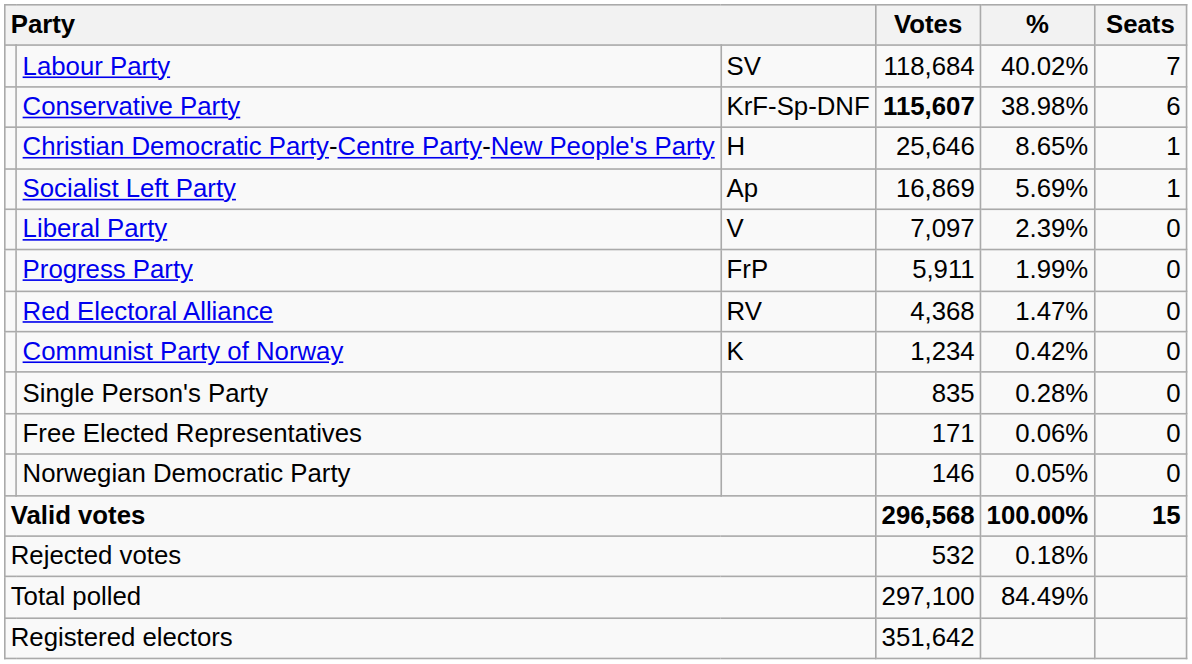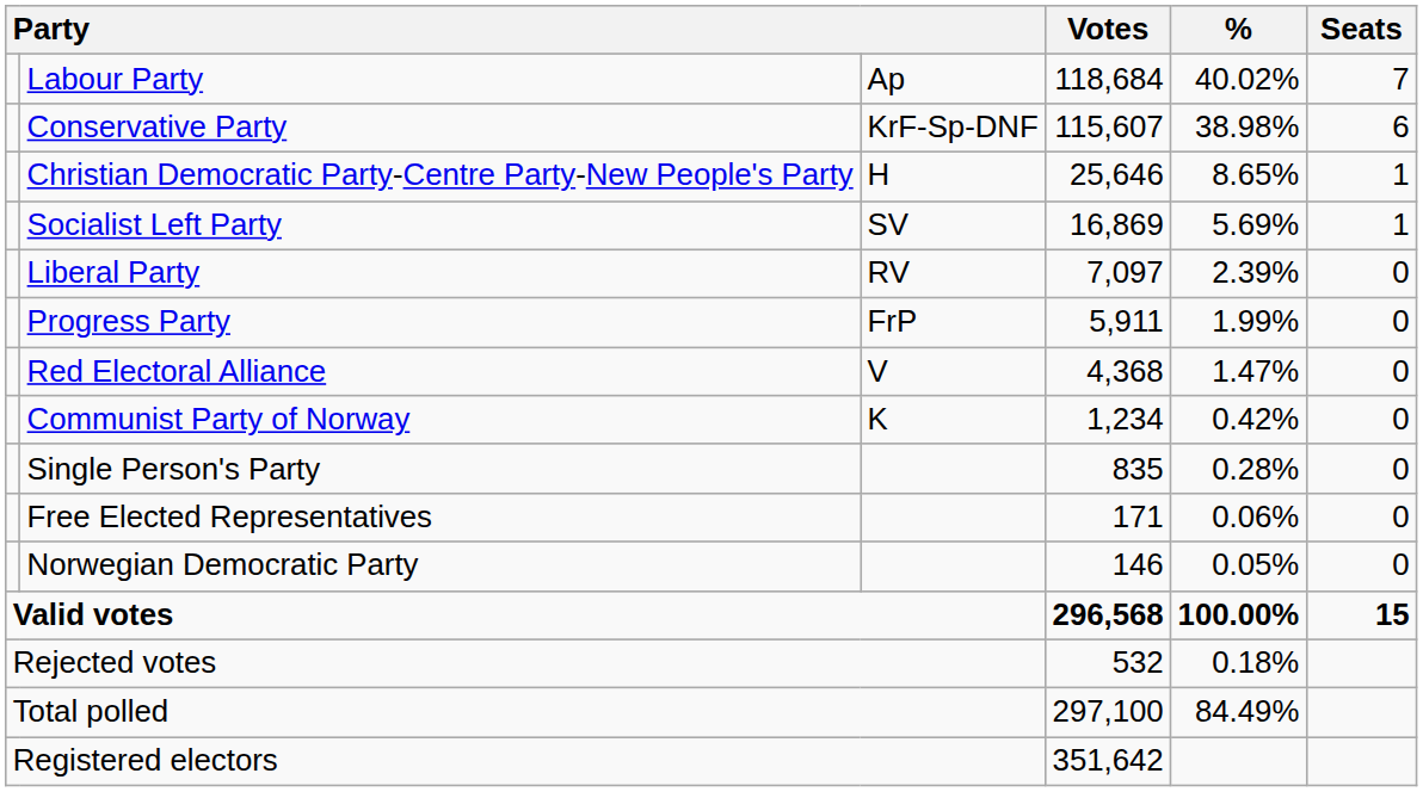 <table class="wikitable" border="1" style="text-align:right;">
 <tr>
 <th style="text-align:left;" colspan=3>Party</th>
 <th align=center width="50">Votes</th>
 <th align=center width="50">%</th>
 <th align=center width="50">Seats</th>
 </tr>
 <tr>
 <td style="color:inherit;background:"></td>
 <td align=left><a href='#'>Labour Party</a></td>
-<td align=left>SV</td>
+<td align=left>Ap</td>
 <td>118,684</td>
 <td>40.02%</td>
 <td>7</td>
 </tr>
 <tr>
 <td style="color:inherit;background:"></td>
 <td align=left><a href='#'>Conservative Party</a></td>
 <td align=left>KrF-Sp-DNF</td>
-<td><strong>115,607</strong></td>
+<td>115,607</td>
 <td>38.98%</td>
 <td>6</td>
 </tr>
 <tr>
 <td></td>
 <td align=left><a href='#'>Christian Democratic Party</a>-<a href='#'>Centre Party</a>-<a href='#'>New People's Party</a></td>
 <td align=left>H</td>
 <td>25,646</td>
 <td>8.65%</td>
 <td>1</td>
 </tr>
 <tr>
 <td style="color:inherit;background:"></td>
 <td align=left><a href='#'>Socialist Left Party</a></td>
-<td align=left>Ap</td>
+<td align=left>SV</td>
 <td>16,869</td>
 <td>5.69%</td>
 <td>1</td>
 </tr>
 <tr>
 <td style="color:inherit;background:"></td>
 <td align=left><a href='#'>Liberal Party</a></td>
-<td align=left>V</td>
+<td align=left>RV</td>
 <td>7,097</td>
 <td>2.39%</td>
 <td>0</td>
 </tr>
 <tr>
 <td style="color:inherit;background:"></td>
 <td align=left><a href='#'>Progress Party</a></td>
 <td align=left>FrP</td>
 <td>5,911</td>
 <td>1.99%</td>
 <td>0</td>
 </tr>
 <tr>
 <td style="color:inherit;background:"></td>
 <td align=left><a href='#'>Red Electoral Alliance</a></td>
-<td align=left>RV</td>
+<td align=left>V</td>
 <td>4,368</td>
 <td>1.47%</td>
 <td>0</td>
 </tr>
 <tr>
 <td style="color:inherit;background:"></td>
 <td align=left><a href='#'>Communist Party of Norway</a></td>
 <td align=left>K</td>
 <td>1,234</td>
 <td>0.42%</td>
 <td>0</td>
 </tr>
 <tr>
 <td></td>
 <td align=left>Single Person's Party</td>
 <td align=left></td>
 <td>835</td>
 <td>0.28%</td>
 <td>0</td>
 </tr>
 <tr>
 <td></td>
 <td align=left>Free Elected Representatives</td>
 <td align=left></td>
 <td>171</td>
 <td>0.06%</td>
 <td>0</td>
 </tr>
 <tr>
 <td></td>
 <td align=left>Norwegian Democratic Party</td>
 <td align=left></td>
 <td>146</td>
 <td>0.05%</td>
 <td>0</td>
 </tr>
 <tr style="font-weight:bold">
 <td align=left colspan=3>Valid votes</td>
 <td>296,568</td>
 <td>100.00%</td>
 <td>15</td>
 </tr>
 <tr>
 <td align=left colspan=3>Rejected votes</td>
 <td>532</td>
 <td>0.18%</td>
 <td></td>
 </tr>
 <tr>
 <td align=left colspan=3>Total polled</td>
 <td>297,100</td>
 <td>84.49%</td>
 <td></td>
 </tr>
 <tr>
 <td align=left colspan=3>Registered electors</td>
 <td>351,642</td>
 <td></td>
 <td></td>
 </tr>
 </table>
